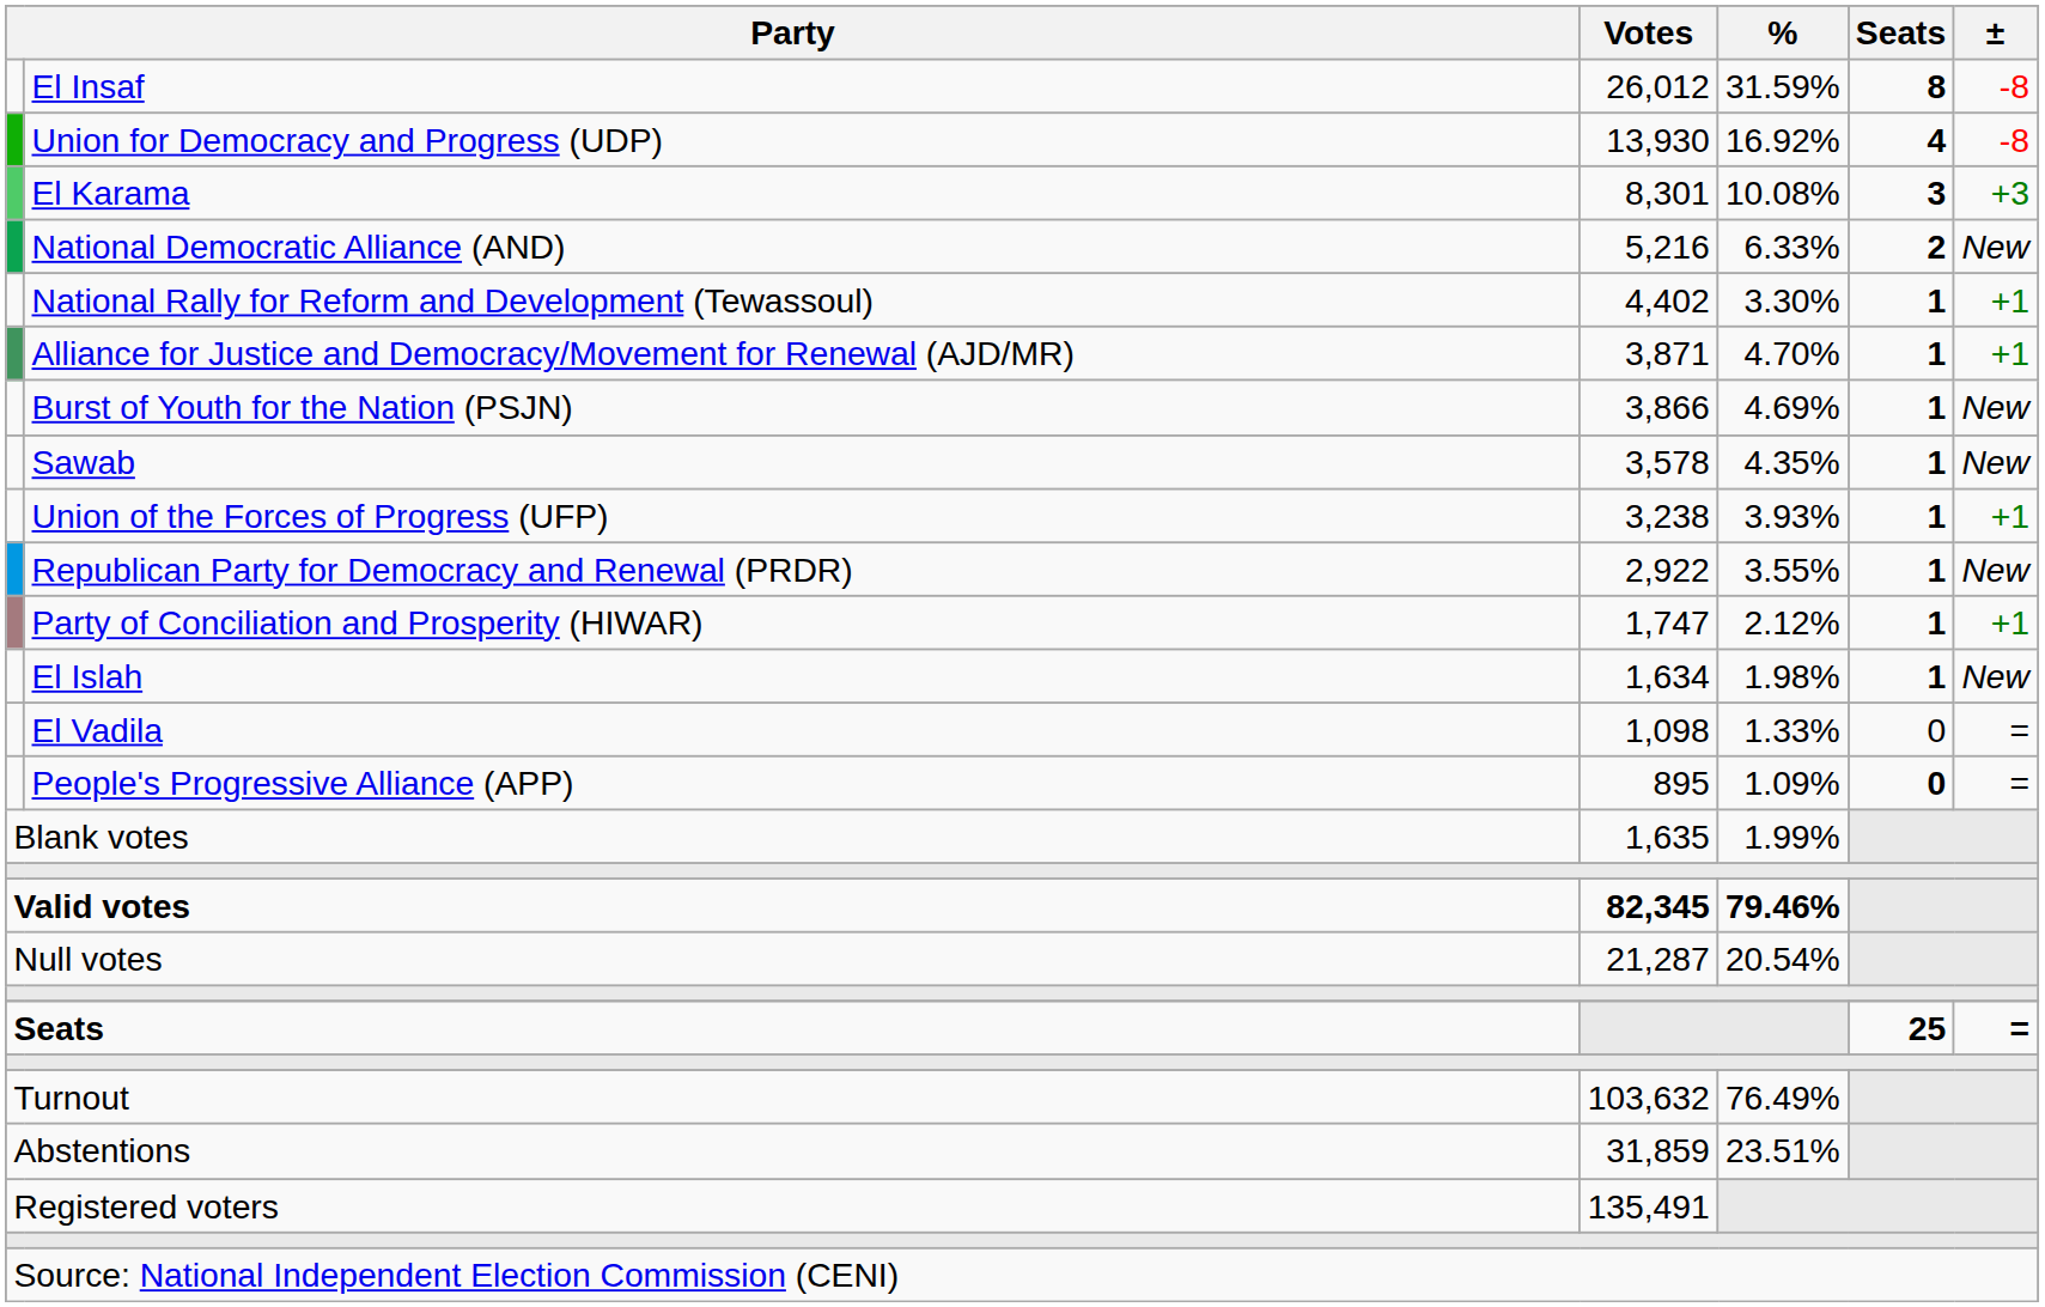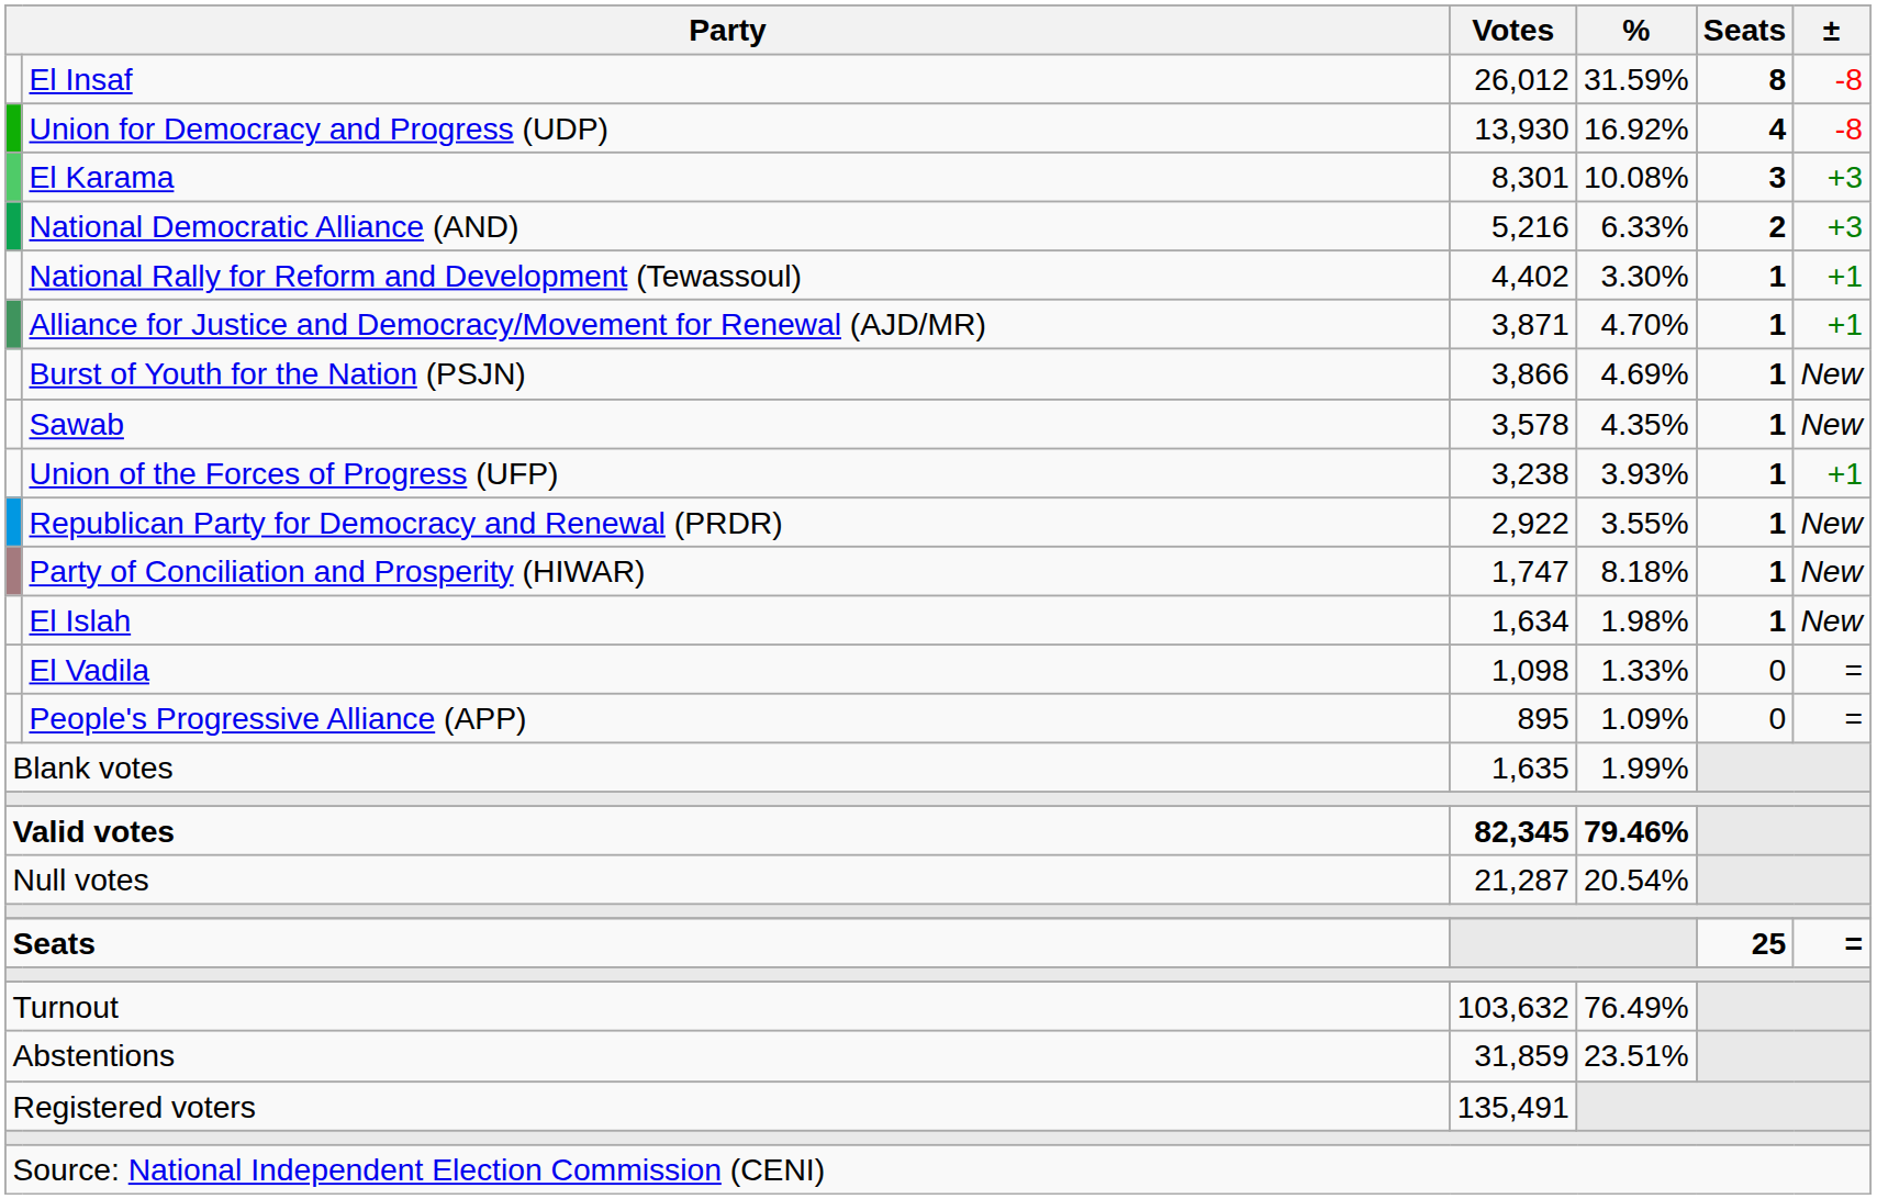 <table class="wikitable" style="text-align:right;font-size:95%;">
 <tr>
 <th width="700" colspan="2">Party</th>
 <th width="50">Votes</th>
 <th width="50">%</th>
 <th width="25">Seats</th>
 <th width="20">±</th>
 </tr>
 <tr>
 <td width="1" style="color:inherit;background:"></td>
 <td style="text-align:left;"><a href='#'>El Insaf</a></td>
 <td>26,012</td>
 <td>31.59%</td>
 <td><strong>8</strong></td>
 <td style="color:red;">-8</td>
 </tr>
 <tr>
 <td width="1" style="color:inherit;background:#0FAF05;"></td>
 <td style="text-align:left;"><a href='#'>Union for Democracy and Progress</a> (UDP)</td>
 <td>13,930</td>
 <td>16.92%</td>
 <td><strong>4</strong></td>
 <td style="color:red;">-8</td>
 </tr>
 <tr>
 <td width="1" style="color:inherit;background:#4FCB68;"></td>
 <td style="text-align:left;"><a href='#'>El Karama</a></td>
 <td>8,301</td>
 <td>10.08%</td>
 <td><strong>3</strong></td>
 <td style="color:green;">+3</td>
 </tr>
 <tr>
 <td width="1" style="color:inherit;background:#0AA450;"></td>
 <td style="text-align:left;"><a href='#'>National Democratic Alliance</a> (AND)</td>
 <td>5,216</td>
 <td>6.33%</td>
 <td><strong>2</strong></td>
-<td><em>New</em></td>
+<td style="color:green;">+3</td>
 </tr>
 <tr>
 <td width="1" style="color:inherit;background:"></td>
 <td style="text-align:left;"><a href='#'>National Rally for Reform and Development</a> (Tewassoul)</td>
 <td>4,402</td>
 <td>3.30%</td>
 <td><strong>1</strong></td>
 <td style="color:green;">+1</td>
 </tr>
 <tr>
 <td width="1" style="color:inherit;background:#3F945D;"></td>
 <td style="text-align:left;"><a href='#'>Alliance for Justice and Democracy/Movement for Renewal</a> (AJD/MR)</td>
 <td>3,871</td>
 <td>4.70%</td>
 <td><strong>1</strong></td>
 <td style="color:green;">+1</td>
 </tr>
 <tr>
 <td width="1" style="color:inherit;background:"></td>
 <td style="text-align:left;"><a href='#'>Burst of Youth for the Nation</a> (PSJN)</td>
 <td>3,866</td>
 <td>4.69%</td>
 <td><strong>1</strong></td>
 <td><em>New</em></td>
 </tr>
 <tr>
 <td width="1" style="color:inherit;background:"></td>
 <td style="text-align:left;"><a href='#'>Sawab</a></td>
 <td>3,578</td>
 <td>4.35%</td>
 <td><strong>1</strong></td>
 <td><em>New</em></td>
 </tr>
 <tr>
 <td width="1" style="color:inherit;background:"></td>
 <td style="text-align:left;"><a href='#'>Union of the Forces of Progress</a> (UFP)</td>
 <td>3,238</td>
 <td>3.93%</td>
 <td><strong>1</strong></td>
 <td style="color:green;">+1</td>
 </tr>
 <tr>
 <td width="1" style="color:inherit;background:#0198E2;"></td>
 <td style="text-align:left;"><a href='#'>Republican Party for Democracy and Renewal</a> (PRDR)</td>
 <td>2,922</td>
 <td>3.55%</td>
 <td><strong>1</strong></td>
 <td><em>New</em></td>
 </tr>
 <tr>
 <td width="1" style="color:inherit;background:#A47A7E;"></td>
 <td style="text-align:left;"><a href='#'>Party of Conciliation and Prosperity</a> (HIWAR)</td>
 <td>1,747</td>
-<td>2.12%</td>
+<td>8.18%</td>
 <td><strong>1</strong></td>
-<td style="color:green;">+1</td>
+<td><em>New</em></td>
 </tr>
 <tr>
 <td width="1" style="color:inherit;background:"></td>
 <td style="text-align:left;"><a href='#'>El Islah</a></td>
 <td>1,634</td>
 <td>1.98%</td>
 <td><strong>1</strong></td>
 <td><em>New</em></td>
 </tr>
 <tr>
 <td width="1" style="color:inherit;background:"></td>
 <td style="text-align:left;"><a href='#'>El Vadila</a></td>
 <td>1,098</td>
 <td>1.33%</td>
 <td>0</td>
 <td>=</td>
 </tr>
 <tr>
 <td width="1" style="color:inherit;background:"></td>
 <td style="text-align:left;"><a href='#'>People's Progressive Alliance</a> (APP)</td>
 <td>895</td>
 <td>1.09%</td>
-<td><strong>0</strong></td>
+<td>0</td>
 <td>=</td>
 </tr>
 <tr>
 <td colspan="2" style="text-align:left;">Blank votes</td>
 <td>1,635</td>
 <td>1.99%</td>
 <td colspan="2" style="background:#E9E9E9;"></td>
 </tr>
 <tr>
 <td colspan="6" style="background:#E9E9E9;"></td>
 </tr>
 <tr style="font-weight:bold;">
 <td colspan="2" style="text-align:left;">Valid votes</td>
 <td>82,345</td>
 <td>79.46%</td>
 <td colspan="2" style="background:#E9E9E9;"></td>
 </tr>
 <tr>
 <td colspan="2" style="text-align:left;">Null votes</td>
 <td>21,287</td>
 <td>20.54%</td>
 <td colspan="2" style="background:#E9E9E9;"></td>
 </tr>
 <tr>
 <td colspan="6" style="background:#E9E9E9;"></td>
 </tr>
 <tr>
 </tr>
 <tr style="font-weight:bold;">
 <td colspan="2" style="text-align:left;">Seats</td>
 <td colspan="2" style="background:#E9E9E9;"></td>
 <td>25</td>
 <td>=</td>
 </tr>
 <tr>
 <td colspan="6" style="background:#E9E9E9;"></td>
 </tr>
 <tr>
 <td colspan="2" style="text-align:left;">Turnout</td>
 <td>103,632</td>
 <td>76.49%</td>
 <td colspan="2" style="background:#E9E9E9;"></td>
 </tr>
 <tr>
 <td colspan="2" style="text-align:left;">Abstentions</td>
 <td>31,859</td>
 <td>23.51%</td>
 <td colspan="2" style="background:#E9E9E9;"></td>
 </tr>
 <tr>
 <td colspan="2" style="text-align:left;">Registered voters</td>
 <td>135,491</td>
 <td colspan="3" style="background:#E9E9E9;"></td>
 </tr>
 <tr>
 <td colspan="6" style="background:#E9E9E9;"></td>
 </tr>
 <tr>
 <td colspan="6" style="text-align:left;">Source: <a href='#'>National Independent Election Commission</a> (CENI)</td>
 </tr>
 </table>
